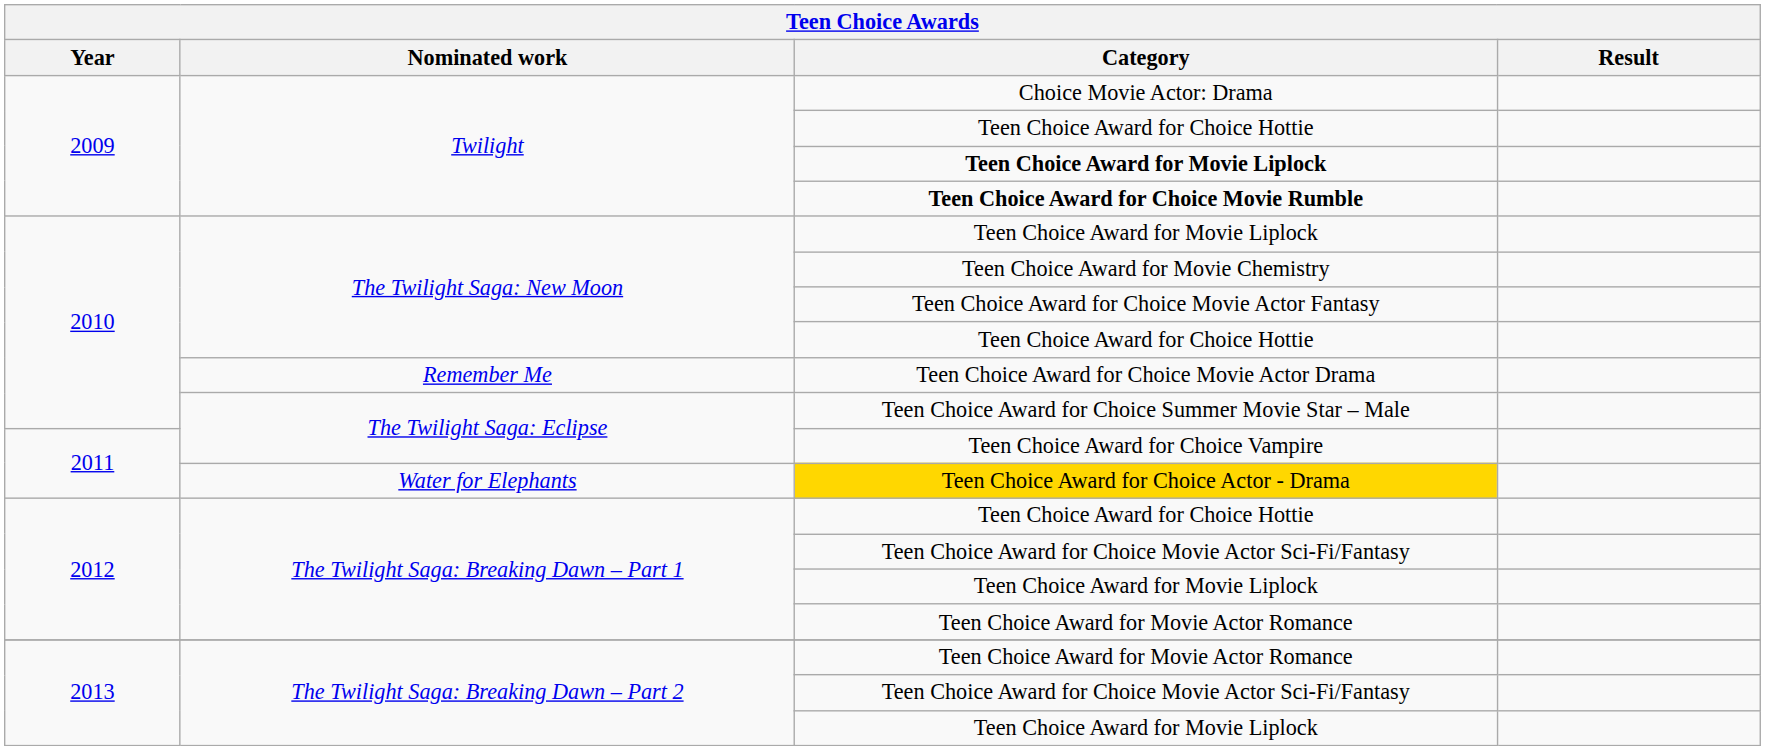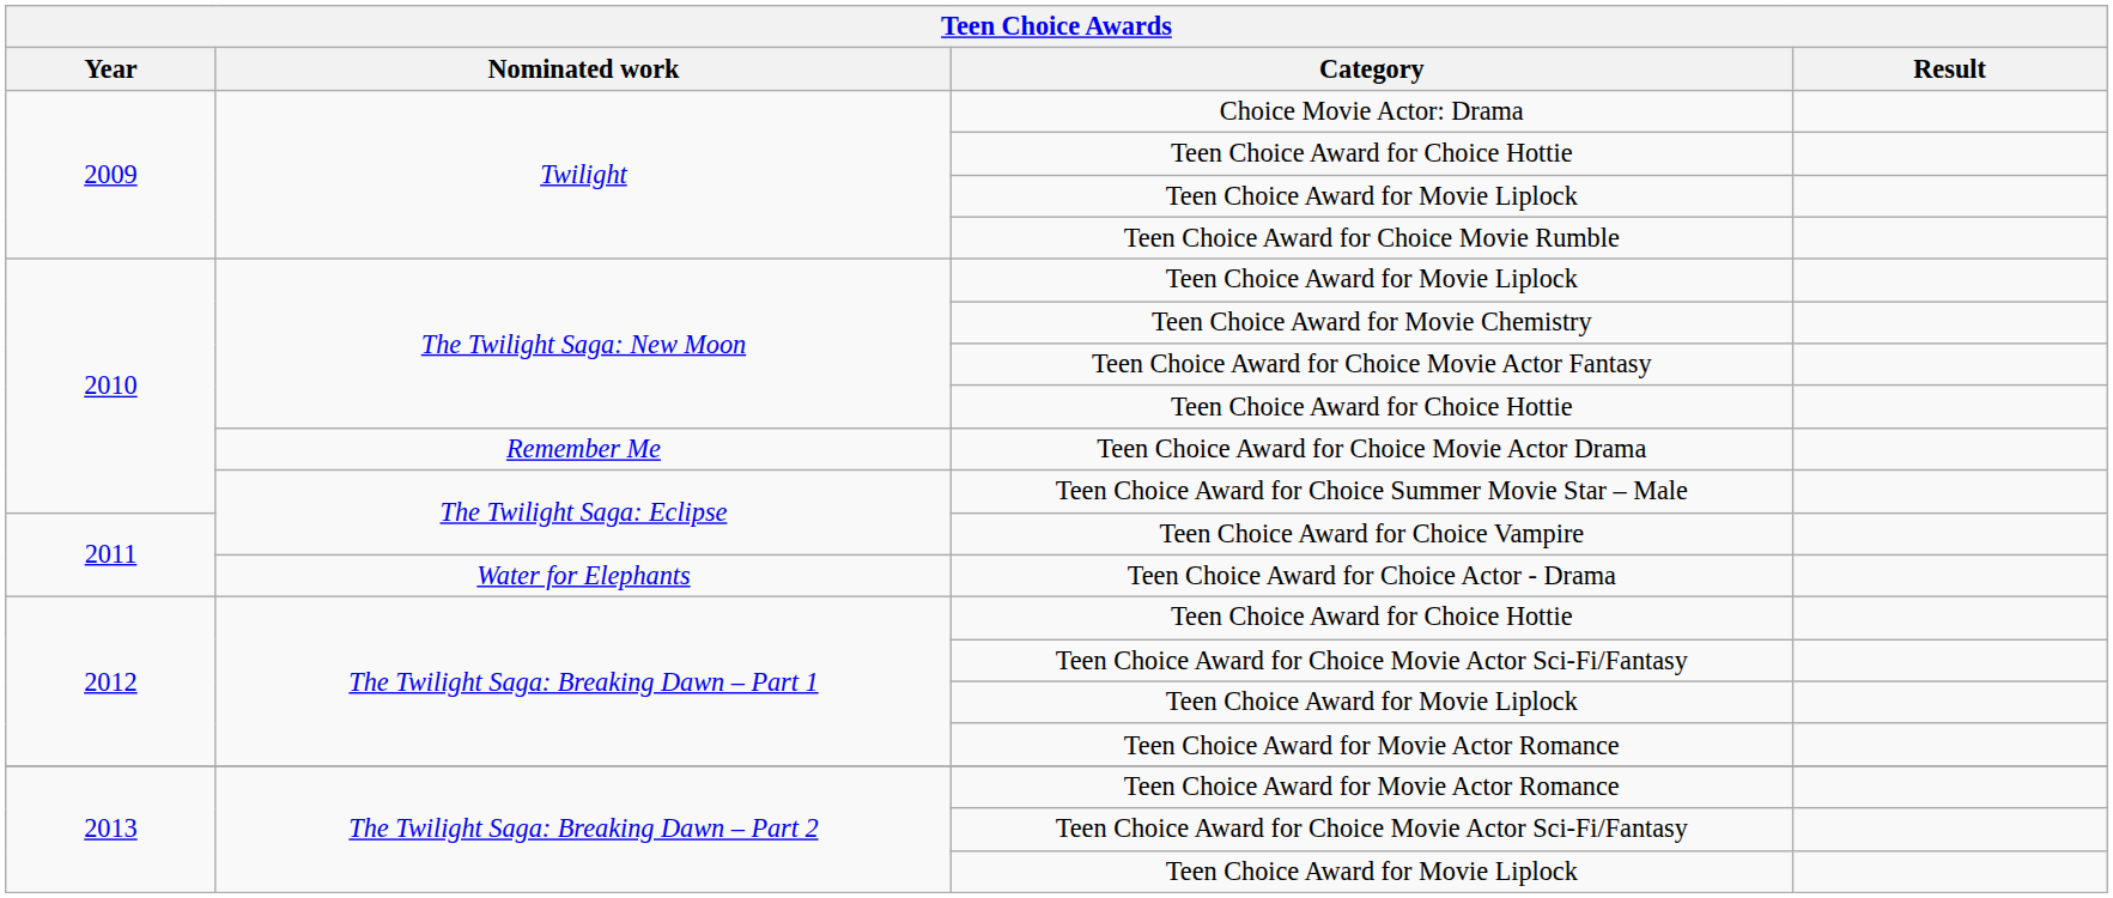 <table width="100%" class="wikitable">
 <tr>
 <th colspan="4" align="center"><strong><a href='#'>Teen Choice Awards</a></strong></th>
 </tr>
 <tr>
 <th width="10%">Year</th>
 <th width="35%">Nominated work</th>
 <th width="40%">Category</th>
 <th width="15%">Result</th>
 </tr>
 <tr>
 <td rowspan="4" style="text-align:center;"><a href='#'>2009</a></td>
 <td rowspan="4" style="text-align:center;"><em><a href='#'>Twilight</a></em></td>
 <td style="text-align:center;">Choice Movie Actor: Drama</td>
 <td></td>
 </tr>
 <tr>
 <td style="text-align:center;">Teen Choice Award for Choice Hottie</td>
 <td></td>
 </tr>
 <tr>
-<td style="text-align:center;"><strong>Teen Choice Award for Movie Liplock </strong></td>
+<td style="text-align:center;">Teen Choice Award for Movie Liplock </td>
 <td></td>
 </tr>
 <tr>
-<td style="text-align:center;"><strong>Teen Choice Award for Choice Movie Rumble </strong></td>
+<td style="text-align:center;">Teen Choice Award for Choice Movie Rumble </td>
 <td></td>
 </tr>
 <tr>
 <td rowspan="6" style="text-align:center;"><a href='#'>2010</a></td>
 <td rowspan="4" style="text-align:center;"><em><a href='#'>The Twilight Saga: New Moon</a></em></td>
 <td style="text-align:center;">Teen Choice Award for Movie Liplock </td>
 <td></td>
 </tr>
 <tr>
 <td style="text-align:center;">Teen Choice Award for Movie Chemistry </td>
 <td></td>
 </tr>
 <tr>
 <td style="text-align:center;">Teen Choice Award for Choice Movie Actor Fantasy</td>
 <td></td>
 </tr>
 <tr>
 <td style="text-align:center;">Teen Choice Award for Choice Hottie</td>
 <td></td>
 </tr>
 <tr>
 <td style="text-align:center;"><em><a href='#'>Remember Me</a></em></td>
 <td style="text-align:center;">Teen Choice Award for Choice Movie Actor Drama</td>
 <td></td>
 </tr>
 <tr>
 <td rowspan="2" style="text-align:center;"><em><a href='#'>The Twilight Saga: Eclipse</a></em></td>
 <td style="text-align:center;">Teen Choice Award for Choice Summer Movie Star – Male</td>
 <td></td>
 </tr>
 <tr>
 <td rowspan="2" style="text-align:center;"><a href='#'>2011</a></td>
 <td style="text-align:center;">Teen Choice Award for Choice Vampire</td>
 <td></td>
 </tr>
 <tr>
 <td style="text-align:center;"><em><a href='#'>Water for Elephants</a></em></td>
-<td style="background: gold; text-align:center;">Teen Choice Award for Choice Actor - Drama</td>
+<td style="text-align:center;">Teen Choice Award for Choice Actor - Drama</td>
 <td></td>
 </tr>
 <tr>
 <td rowspan="4" style="text-align:center;"><a href='#'>2012</a></td>
 <td rowspan="4" style="text-align:center;"><em><a href='#'>The Twilight Saga: Breaking Dawn – Part 1</a></em></td>
 <td style="text-align:center;">Teen Choice Award for Choice Hottie</td>
 <td></td>
 </tr>
 <tr>
 <td style="text-align:center;">Teen Choice Award for Choice Movie Actor Sci-Fi/Fantasy</td>
 <td></td>
 </tr>
 <tr>
 <td style="text-align:center;">Teen Choice Award for Movie Liplock </td>
 <td></td>
 </tr>
 <tr>
 <td style="text-align:center;">Teen Choice Award for Movie Actor Romance</td>
 <td></td>
 </tr>
 <tr>
 </tr>
 <tr>
 <td rowspan="3" style="text-align:center;"><a href='#'>2013</a></td>
 <td rowspan="3" style="text-align:center;"><em><a href='#'>The Twilight Saga: Breaking Dawn – Part 2</a></em></td>
 <td style="text-align:center;">Teen Choice Award for Movie Actor Romance</td>
 <td></td>
 </tr>
 <tr>
 <td style="text-align:center;">Teen Choice Award for Choice Movie Actor Sci-Fi/Fantasy</td>
 <td></td>
 </tr>
 <tr>
 <td style="text-align:center;">Teen Choice Award for Movie Liplock </td>
 <td></td>
 </tr>
 </table>
